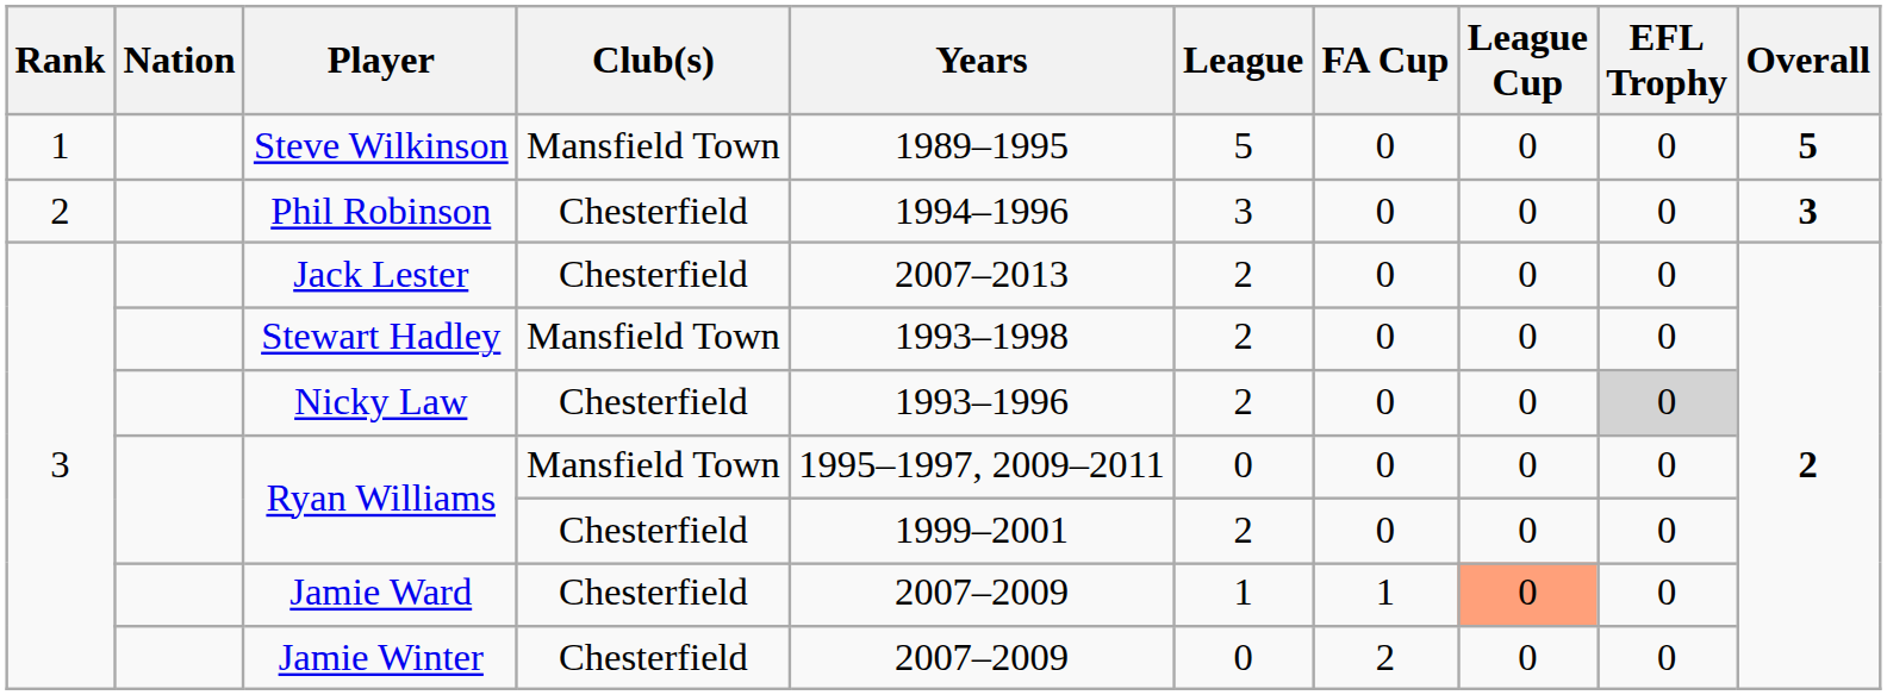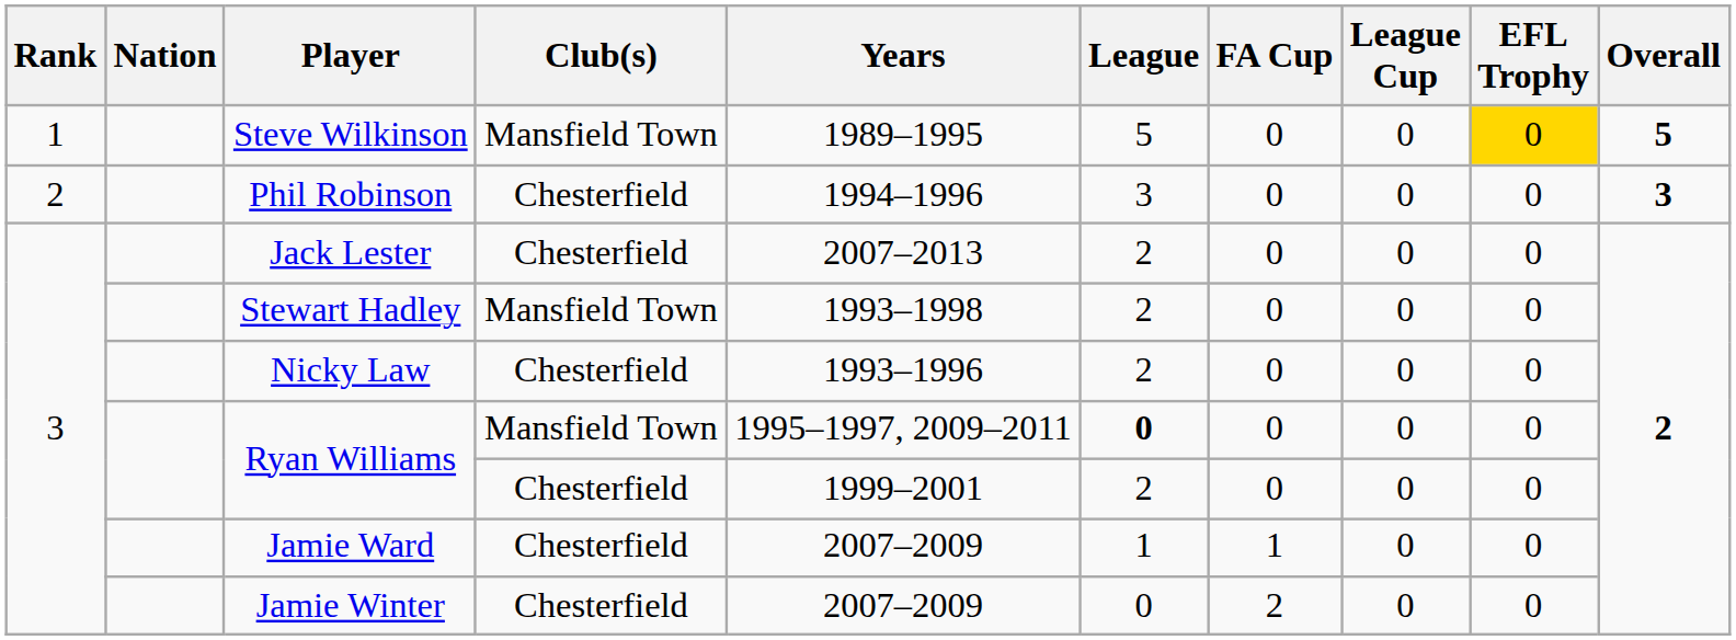 <table class="wikitable sortable" style="text-align:center; margin-left:1em; font-size:85%;">
 <tr>
 <th>Rank</th>
 <th>Nation</th>
 <th>Player</th>
 <th>Club(s)</th>
 <th>Years</th>
 <th>League</th>
 <th>FA Cup</th>
 <th>League<br>Cup</th>
 <th>EFL<br>Trophy</th>
 <th>Overall</th>
 </tr>
 <tr>
 <td>1</td>
 <td></td>
 <td><a href='#'>Steve Wilkinson</a></td>
 <td>Mansfield Town</td>
 <td>1989–1995</td>
 <td>5</td>
 <td>0</td>
 <td>0</td>
-<td>0</td>
+<td style="background: gold;">0</td>
 <td><strong>5</strong></td>
 </tr>
 <tr>
 <td>2</td>
 <td></td>
 <td><a href='#'>Phil Robinson</a></td>
 <td>Chesterfield</td>
 <td>1994–1996</td>
 <td>3</td>
 <td>0</td>
 <td>0</td>
 <td>0</td>
 <td><strong>3</strong></td>
 </tr>
 <tr>
 <td rowspan=7>3</td>
 <td></td>
 <td><a href='#'>Jack Lester</a></td>
 <td>Chesterfield</td>
 <td>2007–2013</td>
 <td>2</td>
 <td>0</td>
 <td>0</td>
 <td>0</td>
 <td rowspan=7><strong>2</strong></td>
 </tr>
 <tr>
 <td></td>
 <td><a href='#'>Stewart Hadley</a></td>
 <td>Mansfield Town</td>
 <td>1993–1998</td>
 <td>2</td>
 <td>0</td>
 <td>0</td>
 <td>0</td>
 </tr>
 <tr>
 <td></td>
 <td><a href='#'>Nicky Law</a></td>
 <td>Chesterfield</td>
 <td>1993–1996</td>
 <td>2</td>
 <td>0</td>
 <td>0</td>
-<td style="background: lightgrey;">0</td>
+<td>0</td>
 </tr>
 <tr>
 <td rowspan=2></td>
 <td rowspan=2><a href='#'>Ryan Williams</a></td>
 <td>Mansfield Town</td>
 <td>1995–1997, 2009–2011</td>
-<td>0</td>
+<td><strong>0</strong></td>
 <td>0</td>
 <td>0</td>
 <td>0</td>
 </tr>
 <tr>
 <td>Chesterfield</td>
 <td>1999–2001</td>
 <td>2</td>
 <td>0</td>
 <td>0</td>
 <td>0</td>
 </tr>
 <tr>
 <td></td>
 <td><a href='#'>Jamie Ward</a></td>
 <td>Chesterfield</td>
 <td>2007–2009</td>
 <td>1</td>
 <td>1</td>
-<td style="background: lightsalmon;">0</td>
+<td>0</td>
 <td>0</td>
 </tr>
 <tr>
 <td></td>
 <td><a href='#'>Jamie Winter</a></td>
 <td>Chesterfield</td>
 <td>2007–2009</td>
 <td>0</td>
 <td>2</td>
 <td>0</td>
 <td>0</td>
 </tr>
 </table>
